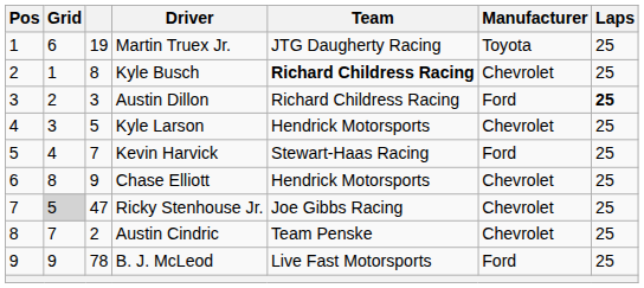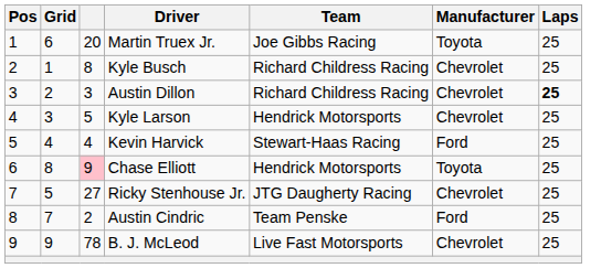 <table class="wikitable" style="font-size:98%">
 <tr>
 <th>Pos</th>
 <th>Grid</th>
 <th></th>
 <th>Driver</th>
 <th>Team</th>
 <th>Manufacturer</th>
 <th>Laps</th>
 </tr>
 <tr>
 <td>1</td>
 <td>6</td>
-<td>19</td>
+<td>20</td>
 <td>Martin Truex Jr.</td>
-<td>JTG Daugherty Racing</td>
+<td>Joe Gibbs Racing</td>
 <td>Toyota</td>
 <td>25</td>
 </tr>
 <tr>
 <td>2</td>
 <td>1</td>
 <td>8</td>
 <td>Kyle Busch</td>
-<td><strong>Richard Childress Racing</strong></td>
+<td>Richard Childress Racing</td>
 <td>Chevrolet</td>
 <td>25</td>
 </tr>
 <tr>
 <td>3</td>
 <td>2</td>
 <td>3</td>
 <td>Austin Dillon</td>
 <td>Richard Childress Racing</td>
-<td>Ford</td>
+<td>Chevrolet</td>
 <td><strong>25</strong></td>
 </tr>
 <tr>
 <td>4</td>
 <td>3</td>
 <td>5</td>
 <td>Kyle Larson</td>
 <td>Hendrick Motorsports</td>
 <td>Chevrolet</td>
 <td>25</td>
 </tr>
 <tr>
 <td>5</td>
 <td>4</td>
-<td>7</td>
+<td>4</td>
 <td>Kevin Harvick</td>
 <td>Stewart-Haas Racing</td>
 <td>Ford</td>
 <td>25</td>
 </tr>
 <tr>
 <td>6</td>
 <td>8</td>
-<td>9</td>
+<td style="background: pink;">9</td>
 <td>Chase Elliott</td>
 <td>Hendrick Motorsports</td>
-<td>Chevrolet</td>
+<td>Toyota</td>
 <td>25</td>
 </tr>
 <tr>
 <td>7</td>
-<td style="background: lightgrey;">5</td>
-<td>47</td>
+<td>5</td>
+<td>27</td>
 <td>Ricky Stenhouse Jr.</td>
-<td>Joe Gibbs Racing</td>
+<td>JTG Daugherty Racing</td>
 <td>Chevrolet</td>
 <td>25</td>
 </tr>
 <tr>
 <td>8</td>
 <td>7</td>
 <td>2</td>
 <td>Austin Cindric</td>
 <td>Team Penske</td>
-<td>Chevrolet</td>
+<td>Ford</td>
 <td>25</td>
 </tr>
 <tr>
 <td>9</td>
 <td>9</td>
 <td>78</td>
 <td>B. J. McLeod</td>
 <td>Live Fast Motorsports</td>
-<td>Ford</td>
+<td>Chevrolet</td>
 <td>25</td>
 </tr>
 <tr>
 <th colspan="7"></th>
 </tr>
 </table>
